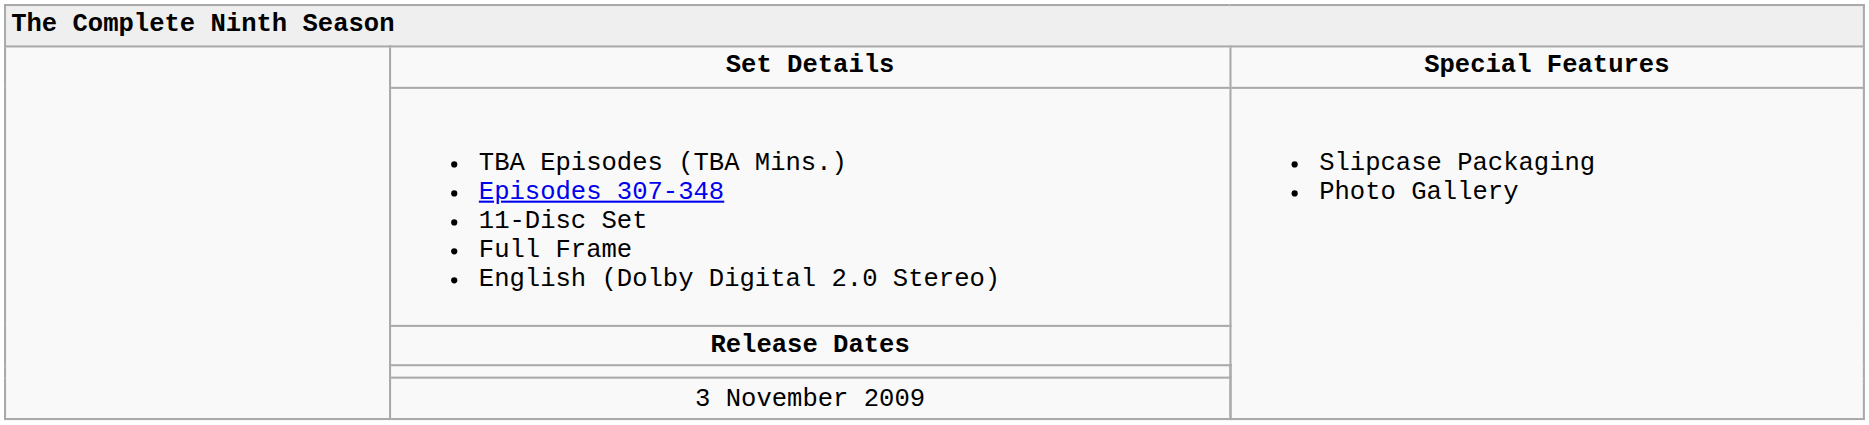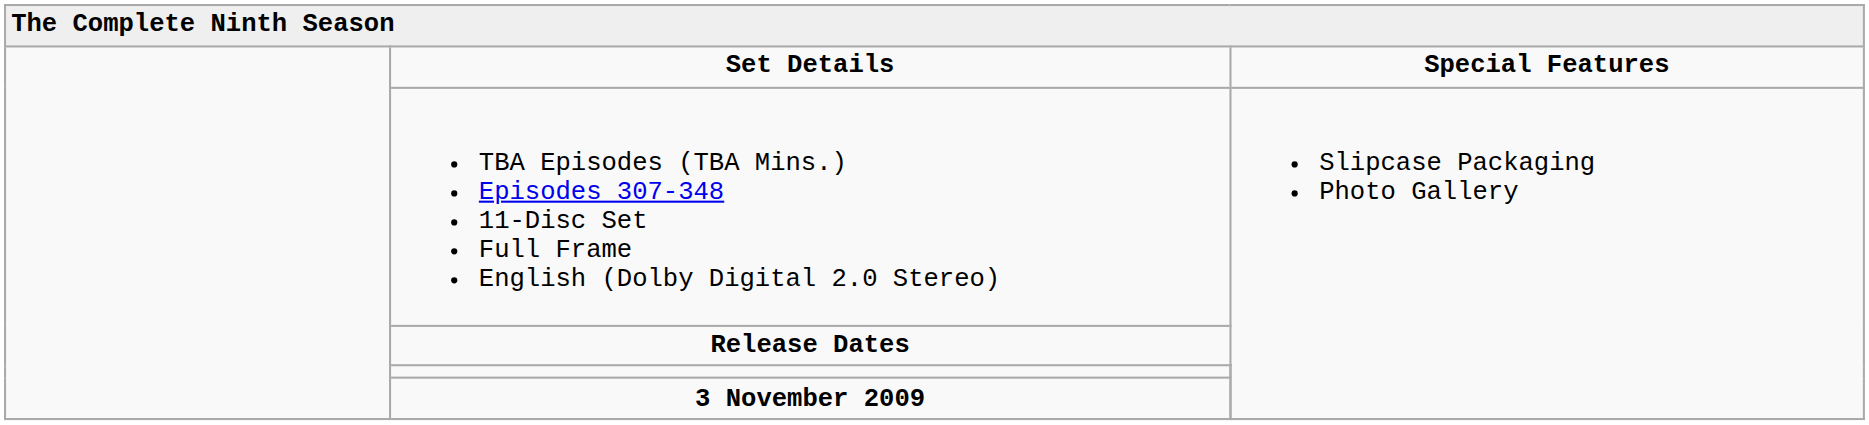 <table class="wikitable" style="font-size: 95%;">
 <tr style="background:#EFEFEF">
 <td colspan="5"><strong>The Complete Ninth Season</strong></td>
 </tr>
 <tr>
 <td rowspan="5" align="center" width="180"></td>
 <td align="center" width="350" colspan="3"><strong>Set Details</strong></td>
 <td width="250" align="center"><strong>Special Features</strong></td>
 </tr>
 <tr valign="top">
 <td colspan="3" align="left" width="400"><br><ul><li>TBA Episodes (TBA Mins.)</li><li><a href='#'>Episodes 307-348</a></li><li>11-Disc Set</li><li>Full Frame</li><li>English (Dolby Digital 2.0 Stereo)</li></ul></td>
 <td rowspan="4" align="left" width="300"><br><ul><li>Slipcase Packaging</li><li>Photo Gallery</li></ul></td>
 </tr>
 <tr>
 <td colspan="3" align="center"><strong>Release Dates</strong></td>
 </tr>
 <tr>
 <td align="center"></td>
 </tr>
 <tr>
-<td align="center">3 November 2009</td>
+<td align="center"><strong>3 November 2009</strong></td>
 </tr>
 </table>
